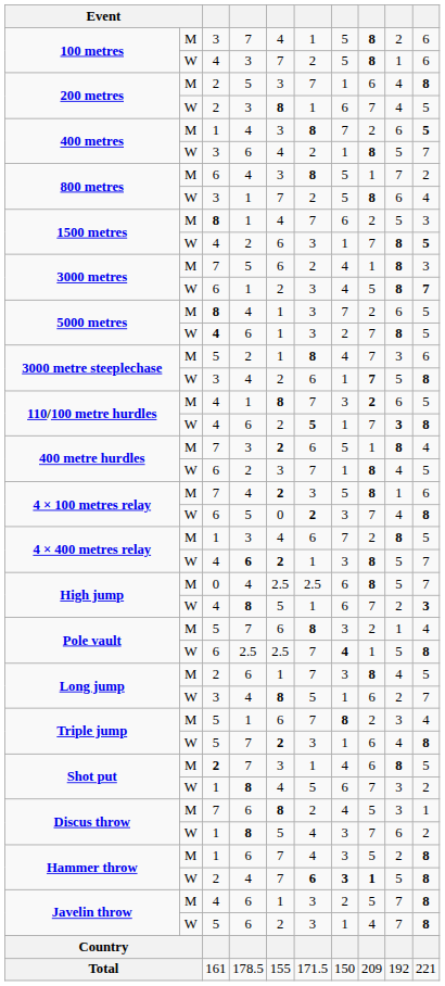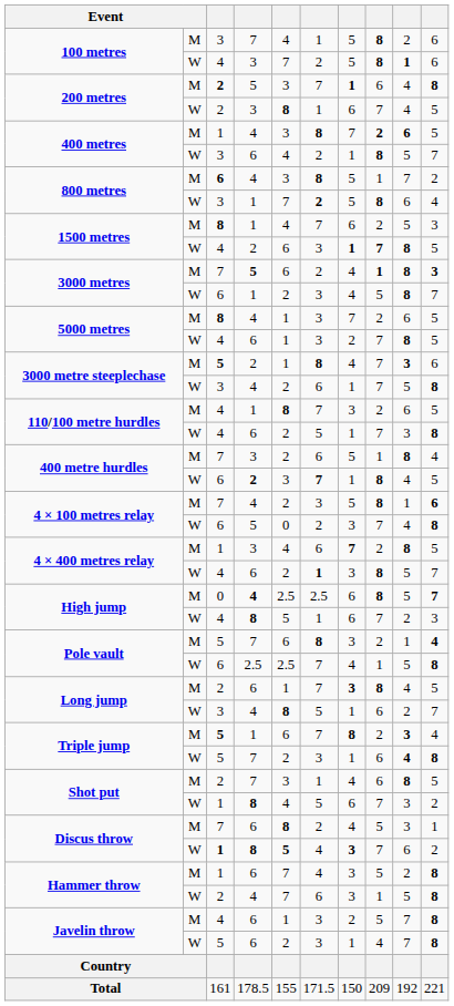 <table class="wikitable" style="background-color: #f9f9f9; font-size: 90%; text-align: center">
 <tr>
 <th width=200 colspan=2>Event</th>
 <th></th>
 <th></th>
 <th></th>
 <th></th>
 <th></th>
 <th></th>
 <th></th>
 <th></th>
 </tr>
 <tr>
 <td rowspan=2><strong><a href='#'>100 metres</a></strong></td>
 <td>M</td>
 <td>3</td>
 <td>7</td>
 <td>4</td>
 <td>1</td>
 <td>5</td>
 <td><strong>8</strong></td>
 <td>2</td>
 <td>6</td>
 </tr>
 <tr>
 <td>W</td>
 <td>4</td>
 <td>3</td>
 <td>7</td>
 <td>2</td>
 <td>5</td>
 <td><strong>8</strong></td>
-<td>1</td>
+<td><strong>1</strong></td>
 <td>6</td>
 </tr>
 <tr>
 <td rowspan=2><strong><a href='#'>200 metres</a></strong></td>
 <td>M</td>
-<td>2</td>
+<td><strong>2</strong></td>
 <td>5</td>
 <td>3</td>
 <td>7</td>
-<td>1</td>
+<td><strong>1</strong></td>
 <td>6</td>
 <td>4</td>
 <td><strong>8</strong></td>
 </tr>
 <tr>
 <td>W</td>
 <td>2</td>
 <td>3</td>
 <td><strong>8</strong></td>
 <td>1</td>
 <td>6</td>
 <td>7</td>
 <td>4</td>
 <td>5</td>
 </tr>
 <tr>
 <td rowspan=2><strong><a href='#'>400 metres</a></strong></td>
 <td>M</td>
 <td>1</td>
 <td>4</td>
 <td>3</td>
 <td><strong>8</strong></td>
 <td>7</td>
-<td>2</td>
-<td>6</td>
-<td><strong>5</strong></td>
+<td><strong>2</strong></td>
+<td><strong>6</strong></td>
+<td>5</td>
 </tr>
 <tr>
 <td>W</td>
 <td>3</td>
 <td>6</td>
 <td>4</td>
 <td>2</td>
 <td>1</td>
 <td><strong>8</strong></td>
 <td>5</td>
 <td>7</td>
 </tr>
 <tr>
 <td rowspan=2><strong><a href='#'>800 metres</a></strong></td>
 <td>M</td>
-<td>6</td>
+<td><strong>6</strong></td>
 <td>4</td>
 <td>3</td>
 <td><strong>8</strong></td>
 <td>5</td>
 <td>1</td>
 <td>7</td>
 <td>2</td>
 </tr>
 <tr>
 <td>W</td>
 <td>3</td>
 <td>1</td>
 <td>7</td>
-<td>2</td>
+<td><strong>2</strong></td>
 <td>5</td>
 <td><strong>8</strong></td>
 <td>6</td>
 <td>4</td>
 </tr>
 <tr>
 <td rowspan=2><strong><a href='#'>1500 metres</a></strong></td>
 <td>M</td>
 <td><strong>8</strong></td>
 <td>1</td>
 <td>4</td>
 <td>7</td>
 <td>6</td>
 <td>2</td>
 <td>5</td>
 <td>3</td>
 </tr>
 <tr>
 <td>W</td>
 <td>4</td>
 <td>2</td>
 <td>6</td>
 <td>3</td>
-<td>1</td>
-<td>7</td>
+<td><strong>1</strong></td>
+<td><strong>7</strong></td>
 <td><strong>8</strong></td>
-<td><strong>5</strong></td>
+<td>5</td>
 </tr>
 <tr>
 <td rowspan=2><strong><a href='#'>3000 metres</a></strong></td>
 <td>M</td>
 <td>7</td>
-<td>5</td>
+<td><strong>5</strong></td>
 <td>6</td>
 <td>2</td>
 <td>4</td>
-<td>1</td>
+<td><strong>1</strong></td>
 <td><strong>8</strong></td>
-<td>3</td>
+<td><strong>3</strong></td>
 </tr>
 <tr>
 <td>W</td>
 <td>6</td>
 <td>1</td>
 <td>2</td>
 <td>3</td>
 <td>4</td>
 <td>5</td>
 <td><strong>8</strong></td>
-<td><strong>7</strong></td>
+<td>7</td>
 </tr>
 <tr>
 <td rowspan=2><strong><a href='#'>5000 metres</a></strong></td>
 <td>M</td>
 <td><strong>8</strong></td>
 <td>4</td>
 <td>1</td>
 <td>3</td>
 <td>7</td>
 <td>2</td>
 <td>6</td>
 <td>5</td>
 </tr>
 <tr>
 <td>W</td>
-<td><strong>4</strong></td>
+<td>4</td>
 <td>6</td>
 <td>1</td>
 <td>3</td>
 <td>2</td>
 <td>7</td>
 <td><strong>8</strong></td>
 <td>5</td>
 </tr>
 <tr>
 <td rowspan=2><strong><a href='#'>3000 metre steeplechase</a></strong></td>
 <td>M</td>
-<td>5</td>
+<td><strong>5</strong></td>
 <td>2</td>
 <td>1</td>
 <td><strong>8</strong></td>
 <td>4</td>
 <td>7</td>
-<td>3</td>
+<td><strong>3</strong></td>
 <td>6</td>
 </tr>
 <tr>
 <td>W</td>
 <td>3</td>
 <td>4</td>
 <td>2</td>
 <td>6</td>
 <td>1</td>
-<td><strong>7</strong></td>
+<td>7</td>
 <td>5</td>
 <td><strong>8</strong></td>
 </tr>
 <tr>
 <td rowspan=2><strong><a href='#'>110</a>/<a href='#'>100 metre hurdles</a></strong></td>
 <td>M</td>
 <td>4</td>
 <td>1</td>
 <td><strong>8</strong></td>
 <td>7</td>
 <td>3</td>
-<td><strong>2</strong></td>
+<td>2</td>
 <td>6</td>
 <td>5</td>
 </tr>
 <tr>
 <td>W</td>
 <td>4</td>
 <td>6</td>
 <td>2</td>
-<td><strong>5</strong></td>
+<td>5</td>
 <td>1</td>
 <td>7</td>
-<td><strong>3</strong></td>
+<td>3</td>
 <td><strong>8</strong></td>
 </tr>
 <tr>
 <td rowspan=2><strong><a href='#'>400 metre hurdles</a></strong></td>
 <td>M</td>
 <td>7</td>
 <td>3</td>
-<td><strong>2</strong></td>
+<td>2</td>
 <td>6</td>
 <td>5</td>
 <td>1</td>
 <td><strong>8</strong></td>
 <td>4</td>
 </tr>
 <tr>
 <td>W</td>
 <td>6</td>
-<td>2</td>
+<td><strong>2</strong></td>
 <td>3</td>
-<td>7</td>
+<td><strong>7</strong></td>
 <td>1</td>
 <td><strong>8</strong></td>
 <td>4</td>
 <td>5</td>
 </tr>
 <tr>
 <td rowspan=2><strong><a href='#'>4 × 100 metres relay</a></strong></td>
 <td>M</td>
 <td>7</td>
 <td>4</td>
-<td><strong>2</strong></td>
+<td>2</td>
 <td>3</td>
 <td>5</td>
 <td><strong>8</strong></td>
 <td>1</td>
-<td>6</td>
+<td><strong>6</strong></td>
 </tr>
 <tr>
 <td>W</td>
 <td>6</td>
 <td>5</td>
 <td>0</td>
-<td><strong>2</strong></td>
+<td>2</td>
 <td>3</td>
 <td>7</td>
 <td>4</td>
 <td><strong>8</strong></td>
 </tr>
 <tr>
 <td rowspan=2><strong><a href='#'>4 × 400 metres relay</a></strong></td>
 <td>M</td>
 <td>1</td>
 <td>3</td>
 <td>4</td>
 <td>6</td>
-<td>7</td>
+<td><strong>7</strong></td>
 <td>2</td>
 <td><strong>8</strong></td>
 <td>5</td>
 </tr>
 <tr>
 <td>W</td>
 <td>4</td>
-<td><strong>6</strong></td>
-<td><strong>2</strong></td>
-<td>1</td>
+<td>6</td>
+<td>2</td>
+<td><strong>1</strong></td>
 <td>3</td>
 <td><strong>8</strong></td>
 <td>5</td>
 <td>7</td>
 </tr>
 <tr>
 <td rowspan=2><strong><a href='#'>High jump</a></strong></td>
 <td>M</td>
 <td>0</td>
-<td>4</td>
+<td><strong>4</strong></td>
 <td>2.5</td>
 <td>2.5</td>
 <td>6</td>
 <td><strong>8</strong></td>
 <td>5</td>
-<td>7</td>
+<td><strong>7</strong></td>
 </tr>
 <tr>
 <td>W</td>
 <td>4</td>
 <td><strong>8</strong></td>
 <td>5</td>
 <td>1</td>
 <td>6</td>
 <td>7</td>
 <td>2</td>
-<td><strong>3</strong></td>
+<td>3</td>
 </tr>
 <tr>
 <td rowspan=2><strong><a href='#'>Pole vault</a></strong></td>
 <td>M</td>
 <td>5</td>
 <td>7</td>
 <td>6</td>
 <td><strong>8</strong></td>
 <td>3</td>
 <td>2</td>
 <td>1</td>
-<td>4</td>
+<td><strong>4</strong></td>
 </tr>
 <tr>
 <td>W</td>
 <td>6</td>
 <td>2.5</td>
 <td>2.5</td>
 <td>7</td>
-<td><strong>4</strong></td>
+<td>4</td>
 <td>1</td>
 <td>5</td>
 <td><strong>8</strong></td>
 </tr>
 <tr>
 <td rowspan=2><strong><a href='#'>Long jump</a></strong></td>
 <td>M</td>
 <td>2</td>
 <td>6</td>
 <td>1</td>
 <td>7</td>
-<td>3</td>
+<td><strong>3</strong></td>
 <td><strong>8</strong></td>
 <td>4</td>
 <td>5</td>
 </tr>
 <tr>
 <td>W</td>
 <td>3</td>
 <td>4</td>
 <td><strong>8</strong></td>
 <td>5</td>
 <td>1</td>
 <td>6</td>
 <td>2</td>
 <td>7</td>
 </tr>
 <tr>
 <td rowspan=2><strong><a href='#'>Triple jump</a></strong></td>
 <td>M</td>
-<td>5</td>
+<td><strong>5</strong></td>
 <td>1</td>
 <td>6</td>
 <td>7</td>
 <td><strong>8</strong></td>
 <td>2</td>
-<td>3</td>
+<td><strong>3</strong></td>
 <td>4</td>
 </tr>
 <tr>
 <td>W</td>
 <td>5</td>
 <td>7</td>
-<td><strong>2</strong></td>
+<td>2</td>
 <td>3</td>
 <td>1</td>
 <td>6</td>
-<td>4</td>
+<td><strong>4</strong></td>
 <td><strong>8</strong></td>
 </tr>
 <tr>
 <td rowspan=2><strong><a href='#'>Shot put</a></strong></td>
 <td>M</td>
-<td><strong>2</strong></td>
+<td>2</td>
 <td>7</td>
 <td>3</td>
 <td>1</td>
 <td>4</td>
 <td>6</td>
 <td><strong>8</strong></td>
 <td>5</td>
 </tr>
 <tr>
 <td>W</td>
 <td>1</td>
 <td><strong>8</strong></td>
 <td>4</td>
 <td>5</td>
 <td>6</td>
 <td>7</td>
 <td>3</td>
 <td>2</td>
 </tr>
 <tr>
 <td rowspan=2><strong><a href='#'>Discus throw</a></strong></td>
 <td>M</td>
 <td>7</td>
 <td>6</td>
 <td><strong>8</strong></td>
 <td>2</td>
 <td>4</td>
 <td>5</td>
 <td>3</td>
 <td>1</td>
 </tr>
 <tr>
 <td>W</td>
-<td>1</td>
+<td><strong>1</strong></td>
 <td><strong>8</strong></td>
-<td>5</td>
+<td><strong>5</strong></td>
 <td>4</td>
-<td>3</td>
+<td><strong>3</strong></td>
 <td>7</td>
 <td>6</td>
 <td>2</td>
 </tr>
 <tr>
 <td rowspan=2><strong><a href='#'>Hammer throw</a></strong></td>
 <td>M</td>
 <td>1</td>
 <td>6</td>
 <td>7</td>
 <td>4</td>
 <td>3</td>
 <td>5</td>
 <td>2</td>
 <td><strong>8</strong></td>
 </tr>
 <tr>
 <td>W</td>
 <td>2</td>
 <td>4</td>
 <td>7</td>
-<td><strong>6</strong></td>
-<td><strong>3</strong></td>
-<td><strong>1</strong></td>
+<td>6</td>
+<td>3</td>
+<td>1</td>
 <td>5</td>
 <td><strong>8</strong></td>
 </tr>
 <tr>
 <td rowspan=2><strong><a href='#'>Javelin throw</a></strong></td>
 <td>M</td>
 <td>4</td>
 <td>6</td>
 <td>1</td>
 <td>3</td>
 <td>2</td>
 <td>5</td>
 <td>7</td>
 <td><strong>8</strong></td>
 </tr>
 <tr>
 <td>W</td>
 <td>5</td>
 <td>6</td>
 <td>2</td>
 <td>3</td>
 <td>1</td>
 <td>4</td>
 <td>7</td>
 <td><strong>8</strong></td>
 </tr>
 <tr>
 <th colspan=2>Country</th>
 <th></th>
 <th></th>
 <th></th>
 <th></th>
 <th></th>
 <th></th>
 <th></th>
 <th></th>
 </tr>
 <tr>
 <th colspan=2>Total</th>
 <td>161</td>
 <td>178.5</td>
 <td>155</td>
 <td>171.5</td>
 <td>150</td>
 <td>209</td>
 <td>192</td>
 <td>221</td>
 </tr>
 </table>
